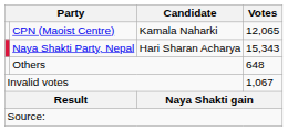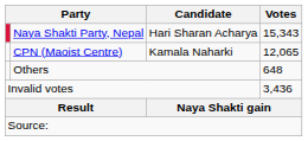 <table class="wikitable">
 <tr>
 <th colspan="2">Party</th>
 <th>Candidate</th>
 <th>Votes</th>
+</tr>
+<tr>
+<td style="background-color:crimson"></td>
+<td><a href='#'>Naya Shakti Party, Nepal</a></td>
+<td>Hari Sharan Acharya</td>
+<td>15,343</td>
 </tr>
 <tr>
 <td style="background-color:"></td>
 <td><a href='#'>CPN (Maoist Centre)</a></td>
 <td>Kamala Naharki</td>
 <td>12,065</td>
 </tr>
 <tr>
-<td style="background-color:crimson"></td>
-<td><a href='#'>Naya Shakti Party, Nepal</a></td>
-<td>Hari Sharan Acharya</td>
-<td>15,343</td>
-</tr>
-<tr>
 <td></td>
 <td colspan="2">Others</td>
 <td>648</td>
 </tr>
 <tr>
 <td colspan="3">Invalid votes</td>
-<td>1,067</td>
+<td>3,436</td>
 </tr>
 <tr>
 <th colspan="2">Result</th>
 <th colspan="2">Naya Shakti gain</th>
 </tr>
 <tr>
 <td colspan="4">Source: </td>
 </tr>
 </table>
